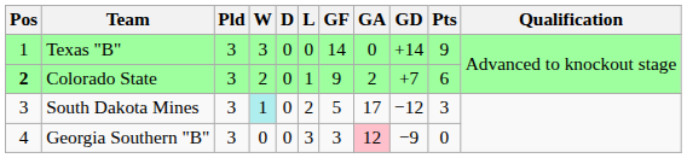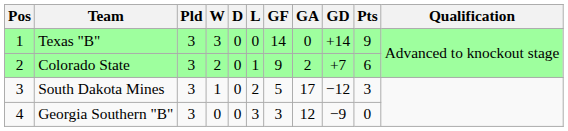 <table class="wikitable" style="text-align:center">
 <tr>
 <th>Pos</th>
 <th>Team</th>
 <th>Pld</th>
 <th>W</th>
 <th>D</th>
 <th>L</th>
 <th>GF</th>
 <th>GA</th>
 <th>GD</th>
 <th>Pts</th>
 <th>Qualification</th>
 </tr>
 <tr bgcolor="#9eff9e">
 <td>1</td>
 <td style="text-align:left">Texas "B"</td>
 <td>3</td>
 <td>3</td>
 <td>0</td>
 <td>0</td>
 <td>14</td>
 <td>0</td>
 <td>+14</td>
 <td>9</td>
 <td rowspan="2">Advanced to knockout stage</td>
 </tr>
 <tr bgcolor="#9eff9e">
-<td><strong>2</strong></td>
+<td>2</td>
 <td style="text-align:left">Colorado State</td>
 <td>3</td>
 <td>2</td>
 <td>0</td>
 <td>1</td>
 <td>9</td>
 <td>2</td>
 <td>+7</td>
 <td>6</td>
 </tr>
 <tr>
 <td>3</td>
 <td style="text-align:left">South Dakota Mines</td>
 <td>3</td>
-<td style="background: paleturquoise;">1</td>
+<td>1</td>
 <td>0</td>
 <td>2</td>
 <td>5</td>
 <td>17</td>
 <td>−12</td>
 <td>3</td>
 <td rowspan="2"></td>
 </tr>
 <tr>
 <td>4</td>
 <td style="text-align:left">Georgia Southern "B"</td>
 <td>3</td>
 <td>0</td>
 <td>0</td>
 <td>3</td>
 <td>3</td>
-<td style="background: pink;">12</td>
+<td>12</td>
 <td>−9</td>
 <td>0</td>
 </tr>
 </table>
